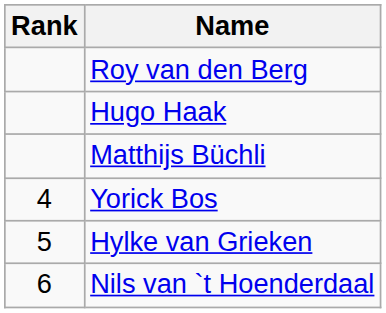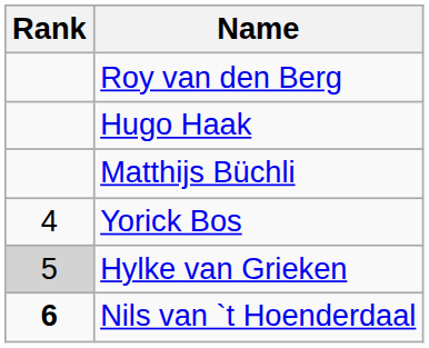 <table class="wikitable sortable" style="text-align:center">
 <tr>
 <th>Rank</th>
 <th>Name</th>
 </tr>
 <tr>
 <td></td>
 <td align=left><a href='#'>Roy van den Berg</a></td>
 </tr>
 <tr>
 <td></td>
 <td align=left><a href='#'>Hugo Haak</a></td>
 </tr>
 <tr>
 <td></td>
 <td align=left><a href='#'>Matthijs Büchli</a></td>
 </tr>
 <tr>
 <td>4</td>
 <td align=left><a href='#'>Yorick Bos</a></td>
 </tr>
 <tr>
-<td>5</td>
+<td style="background: lightgrey;">5</td>
 <td align=left><a href='#'>Hylke van Grieken</a></td>
 </tr>
 <tr>
-<td>6</td>
+<td><strong>6</strong></td>
 <td align=left><a href='#'>Nils van `t Hoenderdaal</a></td>
 </tr>
 </table>
